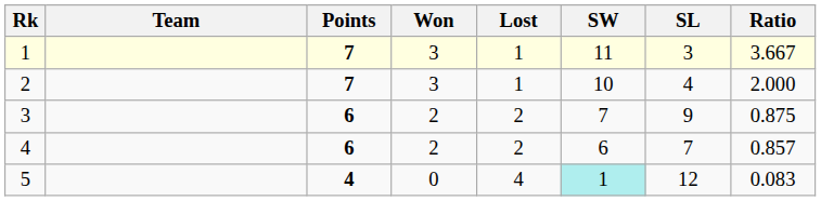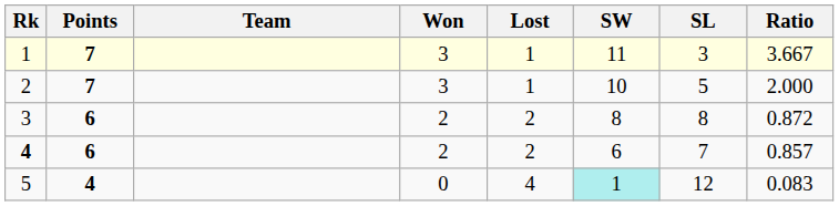 <table class=wikitable style="text-align:center">
 <tr bgcolor="#DCDCDC">
 <th width="25">Rk</th>
+<th width="60">Points</th>
 <th width="200">Team</th>
-<th width="60">Points</th>
 <th width="60">Won</th>
 <th width="60">Lost</th>
 <th width="60">SW</th>
 <th width="60">SL</th>
 <th width="60">Ratio</th>
 </tr>
 <tr bgcolor=lightyellow>
 <td>1</td>
+<td><strong>7</strong></td>
 <td align=left></td>
-<td><strong>7</strong></td>
 <td>3</td>
 <td>1</td>
 <td>11</td>
 <td>3</td>
 <td>3.667</td>
 </tr>
 <tr>
 <td>2</td>
+<td><strong>7</strong></td>
 <td align=left></td>
-<td><strong>7</strong></td>
 <td>3</td>
 <td>1</td>
 <td>10</td>
-<td>4</td>
+<td>5</td>
 <td>2.000</td>
 </tr>
 <tr>
 <td>3</td>
+<td><strong>6</strong></td>
 <td align=left></td>
-<td><strong>6</strong></td>
 <td>2</td>
 <td>2</td>
-<td>7</td>
-<td>9</td>
-<td>0.875</td>
+<td>8</td>
+<td>8</td>
+<td>0.872</td>
 </tr>
 <tr>
-<td>4</td>
+<td><strong>4</strong></td>
+<td><strong>6</strong></td>
 <td align=left></td>
-<td><strong>6</strong></td>
 <td>2</td>
 <td>2</td>
 <td>6</td>
 <td>7</td>
 <td>0.857</td>
 </tr>
 <tr>
 <td>5</td>
+<td><strong>4</strong></td>
 <td align=left></td>
-<td><strong>4</strong></td>
 <td>0</td>
 <td>4</td>
 <td style="background: paleturquoise;">1</td>
 <td>12</td>
 <td>0.083</td>
 </tr>
 </table>
